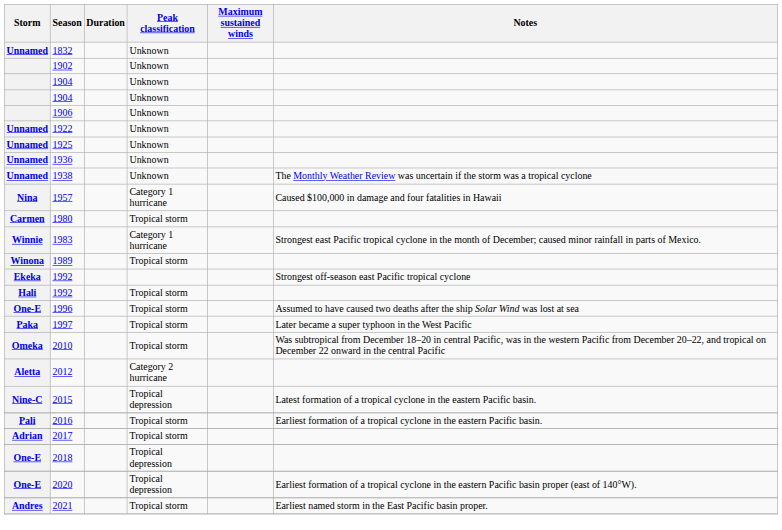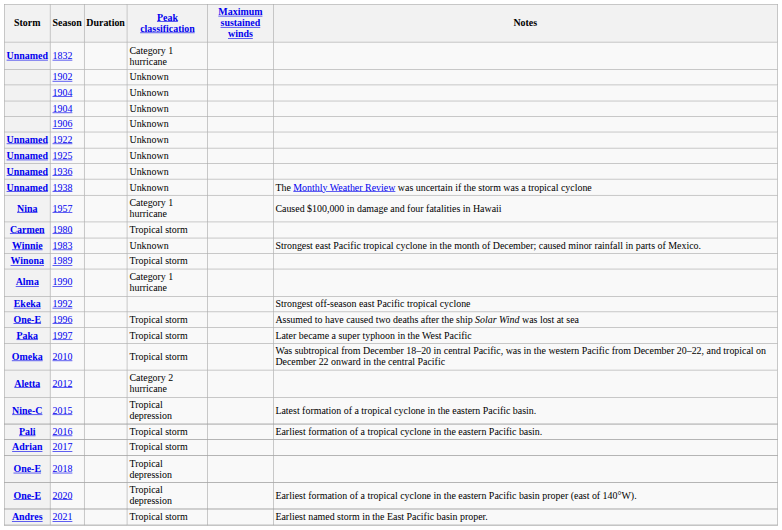 <table class="wikitable sortable plainrowheaders">
 <tr>
 <th scope="col">Storm</th>
 <th scope="col">Season</th>
 <th scope="col">Duration</th>
 <th scope="col"><a href='#'>Peak classification</a></th>
 <th scope="col"><a href='#'>Maximum<br>sustained winds</a></th>
 <th scope="col" class="unsortable">Notes</th>
 </tr>
 <tr>
 <th scope="row"><a href='#'>Unnamed</a></th>
 <td><a href='#'>1832</a></td>
 <td></td>
-<td>Unknown</td>
+<td>Category 1 hurricane</td>
 <td></td>
 <td></td>
 </tr>
 <tr>
 <th scope="row"></th>
 <td><a href='#'>1902</a></td>
 <td></td>
 <td>Unknown</td>
 <td></td>
 <td></td>
 </tr>
 <tr>
 <th scope="row"></th>
 <td><a href='#'>1904</a></td>
 <td></td>
 <td>Unknown</td>
 <td></td>
 <td></td>
 </tr>
 <tr>
 <th scope="row"></th>
 <td><a href='#'>1904</a></td>
 <td></td>
 <td>Unknown</td>
 <td></td>
 <td></td>
 </tr>
 <tr>
 <th scope="row"></th>
 <td><a href='#'>1906</a></td>
 <td></td>
 <td>Unknown</td>
 <td></td>
 <td></td>
 </tr>
 <tr>
 <th scope="row"><a href='#'>Unnamed</a></th>
 <td><a href='#'>1922</a></td>
 <td></td>
 <td>Unknown</td>
 <td></td>
 <td></td>
 </tr>
 <tr>
 <th scope="row"><a href='#'>Unnamed</a></th>
 <td><a href='#'>1925</a></td>
 <td></td>
 <td>Unknown</td>
 <td></td>
 <td></td>
 </tr>
 <tr>
 <th scope="row"><a href='#'>Unnamed</a></th>
 <td><a href='#'>1936</a></td>
 <td></td>
 <td>Unknown</td>
 <td></td>
 <td></td>
 </tr>
 <tr>
 <th scope="row"><a href='#'>Unnamed</a></th>
 <td><a href='#'>1938</a></td>
 <td></td>
 <td>Unknown</td>
 <td></td>
 <td>The <a href='#'>Monthly Weather Review</a> was uncertain if the storm was a tropical cyclone</td>
 </tr>
 <tr>
 <th scope="row"><a href='#'>Nina</a></th>
 <td><a href='#'>1957</a></td>
 <td></td>
 <td>Category 1 hurricane</td>
 <td></td>
 <td>Caused $100,000 in damage and four fatalities in Hawaii</td>
 </tr>
 <tr>
 <th scope="row"><a href='#'>Carmen</a></th>
 <td><a href='#'>1980</a></td>
 <td></td>
 <td>Tropical storm</td>
 <td></td>
 <td></td>
 </tr>
 <tr>
 <th scope="row"><a href='#'>Winnie</a></th>
 <td><a href='#'>1983</a></td>
 <td></td>
-<td>Category 1 hurricane</td>
+<td>Unknown</td>
 <td></td>
 <td>Strongest east Pacific tropical cyclone in the month of December; caused minor rainfall in parts of Mexico.</td>
 </tr>
 <tr>
 <th scope="row"><a href='#'>Winona</a></th>
 <td><a href='#'>1989</a></td>
 <td></td>
 <td>Tropical storm</td>
 <td></td>
 <td></td>
 </tr>
 <tr>
+<th scope="row"><a href='#'>Alma</a></th>
+<td><a href='#'>1990</a></td>
+<td></td>
+<td>Category 1 hurricane</td>
+<td></td>
+<td></td>
+</tr>
+<tr>
 <th scope="row"><a href='#'>Ekeka</a></th>
 <td><a href='#'>1992</a></td>
 <td></td>
 <td></td>
 <td></td>
 <td>Strongest off-season east Pacific tropical cyclone</td>
-</tr>
-<tr>
-<th scope="row"><a href='#'>Hali</a></th>
-<td><a href='#'>1992</a></td>
-<td></td>
-<td>Tropical storm</td>
-<td></td>
-<td></td>
 </tr>
 <tr>
 <th scope="row"><a href='#'>One-E</a></th>
 <td><a href='#'>1996</a></td>
 <td></td>
 <td>Tropical storm</td>
 <td></td>
 <td>Assumed to have caused two deaths after the ship <em>Solar Wind</em> was lost at sea</td>
 </tr>
 <tr>
 <th scope="row"><a href='#'>Paka</a></th>
 <td><a href='#'>1997</a></td>
 <td></td>
 <td>Tropical storm</td>
 <td></td>
 <td>Later became a super typhoon in the West Pacific</td>
 </tr>
 <tr>
 <th scope="row"><a href='#'>Omeka</a></th>
 <td><a href='#'>2010</a></td>
 <td></td>
 <td>Tropical storm</td>
 <td></td>
 <td>Was subtropical from December 18–20 in central Pacific, was in the western Pacific from December 20–22, and tropical on December 22 onward in the central Pacific</td>
 </tr>
 <tr>
 <th scope="row"><a href='#'>Aletta</a></th>
 <td><a href='#'>2012</a></td>
 <td></td>
 <td>Category 2 hurricane</td>
 <td></td>
 <td></td>
 </tr>
 <tr>
 <th scope="row"><a href='#'>Nine-C</a></th>
 <td><a href='#'>2015</a></td>
 <td></td>
 <td>Tropical depression</td>
 <td></td>
 <td>Latest formation of a tropical cyclone in the eastern Pacific basin.</td>
 </tr>
 <tr class="sortbottom">
 </tr>
 <tr>
 <th scope="row"><a href='#'>Pali</a></th>
 <td><a href='#'>2016</a></td>
 <td></td>
 <td>Tropical storm</td>
 <td></td>
 <td>Earliest formation of a tropical cyclone in the eastern Pacific basin.</td>
 </tr>
 <tr class="sortbottom">
 </tr>
 <tr>
 <th scope="row"><a href='#'>Adrian</a></th>
 <td><a href='#'>2017</a></td>
 <td></td>
 <td>Tropical storm</td>
 <td></td>
 <td></td>
 </tr>
 <tr class="sortbottom">
 </tr>
 <tr>
 <th scope="row"><a href='#'>One-E</a></th>
 <td><a href='#'>2018</a></td>
 <td></td>
 <td>Tropical depression</td>
 <td></td>
 <td></td>
 </tr>
 <tr class="sortbottom">
 </tr>
 <tr>
 <th scope="row"><a href='#'>One-E</a></th>
 <td><a href='#'>2020</a></td>
 <td></td>
 <td>Tropical depression</td>
 <td></td>
 <td>Earliest formation of a tropical cyclone in the eastern Pacific basin proper (east of 140°W).</td>
 </tr>
 <tr>
 </tr>
 <tr class="sortbottom">
 </tr>
 <tr>
 <th scope="row"><a href='#'>Andres</a></th>
 <td><a href='#'>2021</a></td>
 <td></td>
 <td>Tropical storm</td>
 <td></td>
 <td>Earliest named storm in the East Pacific basin proper.</td>
 </tr>
 <tr>
 </tr>
 </table>
